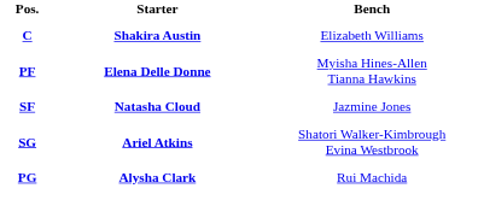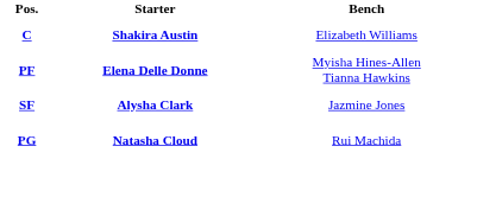 <table style="text-align:center; ">
 <tr>
 <th width="50">Pos.</th>
 <th width="250">Starter</th>
 <th width="250">Bench</th>
 </tr>
 <tr style="height:40px; background:white; color:#092C57">
 <th><a href='#'><span>C</span></a></th>
 <td><strong><a href='#'>Shakira Austin</a></strong></td>
 <td><a href='#'>Elizabeth Williams</a></td>
 </tr>
 <tr style="height:40px; background:white; color:#092C57">
 <th><a href='#'><span>PF</span></a></th>
 <td><strong><a href='#'>Elena Delle Donne</a></strong></td>
 <td><a href='#'>Myisha Hines-Allen</a><br><a href='#'>Tianna Hawkins</a></td>
 </tr>
 <tr style="height:40px; background:white; color:#092C57">
 <th><a href='#'><span>SF</span></a></th>
-<td><strong><a href='#'>Natasha Cloud</a></strong></td>
+<td><strong><a href='#'>Alysha Clark</a></strong></td>
 <td><a href='#'>Jazmine Jones</a></td>
 </tr>
 <tr style="height:40px; background:white; color:#092C57">
-<th><a href='#'><span>SG</span></a></th>
-<td><strong><a href='#'>Ariel Atkins</a></strong></td>
-<td><a href='#'>Shatori Walker-Kimbrough</a><br><a href='#'>Evina Westbrook</a></td>
-</tr>
-<tr style="height:40px; background:white; color:#092C57">
 <th><a href='#'><span>PG</span></a></th>
-<td><strong><a href='#'>Alysha Clark</a></strong></td>
+<td><strong><a href='#'>Natasha Cloud</a></strong></td>
 <td><a href='#'>Rui Machida</a></td>
 </tr>
 </table>
